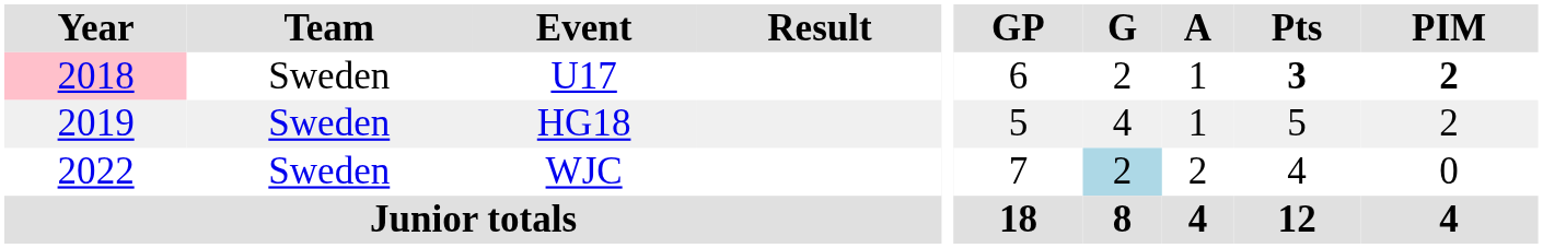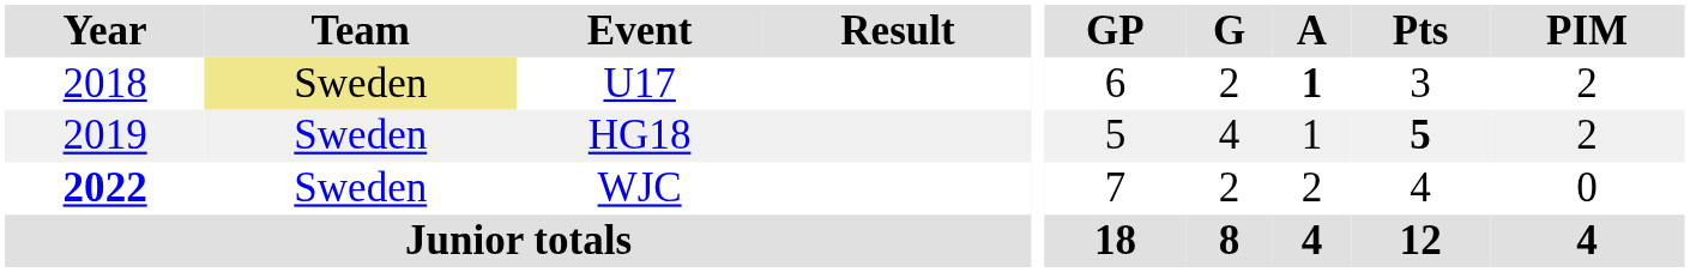 <table border="0" cellpadding="1" cellspacing="0" ID="Table3" style="text-align:center; width:40em">
 <tr bgcolor="#e0e0e0">
 <th>Year</th>
 <th>Team</th>
 <th>Event</th>
 <th>Result</th>
 <th rowspan="99" bgcolor="#ffffff"></th>
 <th>GP</th>
 <th>G</th>
 <th>A</th>
 <th>Pts</th>
 <th>PIM</th>
 </tr>
 <tr style="text-align:center;">
-<td style="background: pink;"><a href='#'>2018</a></td>
-<td>Sweden</td>
+<td><a href='#'>2018</a></td>
+<td style="background: khaki;">Sweden</td>
 <td><a href='#'>U17</a></td>
 <td></td>
 <td>6</td>
 <td>2</td>
-<td>1</td>
-<td><strong>3</strong></td>
-<td><strong>2</strong></td>
+<td><strong>1</strong></td>
+<td>3</td>
+<td>2</td>
 </tr>
 <tr style="text-align:center; background:#f0f0f0;">
 <td><a href='#'>2019</a></td>
 <td><a href='#'>Sweden</a></td>
 <td><a href='#'>HG18</a></td>
 <td></td>
 <td>5</td>
 <td>4</td>
 <td>1</td>
-<td>5</td>
+<td><strong>5</strong></td>
 <td>2</td>
 </tr>
 <tr>
-<td><a href='#'>2022</a></td>
+<td><strong><a href='#'>2022</a></strong></td>
 <td><a href='#'>Sweden</a></td>
 <td><a href='#'>WJC</a></td>
 <td></td>
 <td>7</td>
-<td style="background: lightblue;">2</td>
+<td>2</td>
 <td>2</td>
 <td>4</td>
 <td>0</td>
 </tr>
 <tr style="text-align:center; background:#e0e0e0;">
 <th colspan="4">Junior totals</th>
 <th>18</th>
 <th>8</th>
 <th>4</th>
 <th>12</th>
 <th>4</th>
 </tr>
 </table>
